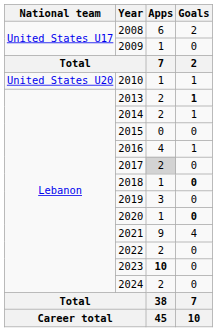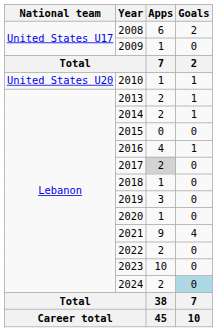 <table class="wikitable" style="text-align:center">
 <tr>
 <th>National team</th>
 <th>Year</th>
 <th>Apps</th>
 <th>Goals</th>
 </tr>
 <tr>
 <td rowspan="2"><a href='#'>United States U17</a></td>
 <td>2008</td>
 <td>6</td>
 <td>2</td>
 </tr>
 <tr>
 <td>2009</td>
 <td>1</td>
 <td>0</td>
 </tr>
 <tr>
 <th colspan="2">Total</th>
 <th>7</th>
 <th>2</th>
 </tr>
 <tr>
 <td><a href='#'>United States U20</a></td>
 <td>2010</td>
 <td>1</td>
 <td>1</td>
 </tr>
 <tr>
 <td rowspan="12"><a href='#'>Lebanon</a></td>
 <td>2013</td>
 <td>2</td>
-<td><strong>1</strong></td>
+<td>1</td>
 </tr>
 <tr>
 <td>2014</td>
 <td>2</td>
 <td>1</td>
 </tr>
 <tr>
 <td>2015</td>
 <td>0</td>
 <td>0</td>
 </tr>
 <tr>
 <td>2016</td>
 <td>4</td>
 <td>1</td>
 </tr>
 <tr>
 <td>2017</td>
 <td style="background: lightgrey;">2</td>
 <td>0</td>
 </tr>
 <tr>
 <td>2018</td>
 <td>1</td>
-<td><strong>0</strong></td>
+<td>0</td>
 </tr>
 <tr>
 <td>2019</td>
 <td>3</td>
 <td>0</td>
 </tr>
 <tr>
 <td>2020</td>
 <td>1</td>
-<td><strong>0</strong></td>
+<td>0</td>
 </tr>
 <tr>
 <td>2021</td>
 <td>9</td>
 <td>4</td>
 </tr>
 <tr>
 <td>2022</td>
 <td>2</td>
 <td>0</td>
 </tr>
 <tr>
 <td>2023</td>
-<td><strong>10</strong></td>
+<td>10</td>
 <td>0</td>
 </tr>
 <tr>
 <td>2024</td>
 <td>2</td>
-<td>0</td>
+<td style="background: lightblue;">0</td>
 </tr>
 <tr>
 <th colspan="2">Total</th>
 <th>38</th>
 <th>7</th>
 </tr>
 <tr>
 <th colspan="2">Career total</th>
 <th>45</th>
 <th>10</th>
 </tr>
 </table>
